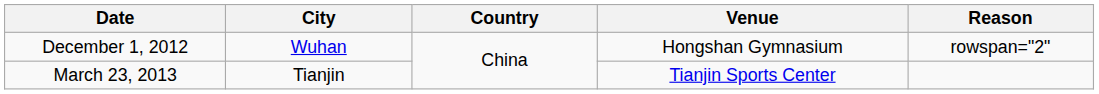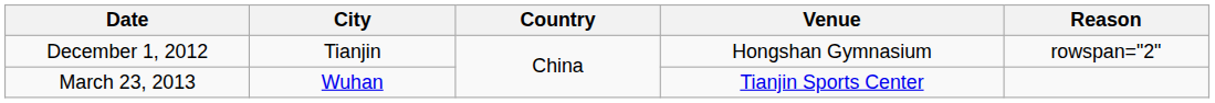 <table class="wikitable plainrowheaders" style="text-align:center;">
 <tr>
 <th scope="col" style="width:12em;">Date</th>
 <th scope="col" style="width:10em;">City</th>
 <th scope="col" style="width:10em;">Country</th>
 <th scope="col" style="width:17em;">Venue</th>
 <th scope="col" style="width:10em;">Reason</th>
 </tr>
 <tr>
 <td>December 1, 2012</td>
-<td><a href='#'>Wuhan</a></td>
+<td>Tianjin</td>
 <td rowspan="2">China</td>
 <td>Hongshan Gymnasium</td>
 <td>rowspan="2" </td>
 </tr>
 <tr>
 <td>March 23, 2013</td>
-<td>Tianjin</td>
+<td><a href='#'>Wuhan</a></td>
 <td><a href='#'>Tianjin Sports Center</a></td>
 </tr>
 </table>
